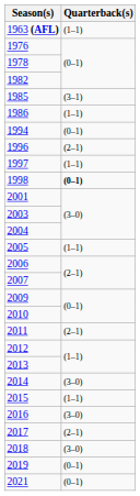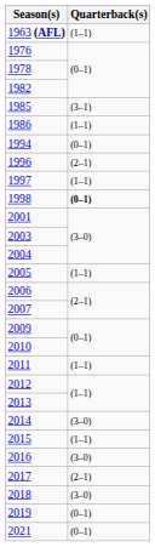 <table class="wikitable">
 <tr>
 <th>Season(s)</th>
 <th>Quarterback(s)</th>
 </tr>
 <tr>
 <td><a href='#'>1963</a> <strong>(<a href='#'>AFL</a>)</strong></td>
 <td> <small>(1–1)</small></td>
 </tr>
 <tr>
 <td><a href='#'>1976</a></td>
 <td rowspan="3"> <small>(0–1)</small></td>
 </tr>
 <tr>
 <td><a href='#'>1978</a></td>
 </tr>
 <tr>
 <td><a href='#'>1982</a></td>
 </tr>
 <tr>
 <td><a href='#'>1985</a></td>
 <td> <small>(3–1)</small></td>
 </tr>
 <tr>
 <td><a href='#'>1986</a></td>
 <td> <small>(1–1)</small></td>
 </tr>
 <tr>
 <td><a href='#'>1994</a></td>
 <td> <small>(0–1)</small></td>
 </tr>
 <tr>
 <td><a href='#'>1996</a></td>
 <td> <small>(2–1)</small></td>
 </tr>
 <tr>
 <td><a href='#'>1997</a></td>
 <td> <small>(1–1)</small></td>
 </tr>
 <tr>
 <td><a href='#'>1998</a></td>
 <td><strong> <small>(0–1)</small></strong></td>
 </tr>
 <tr>
 <td><a href='#'>2001</a></td>
 <td rowspan="3"> <small>(3–0)</small></td>
 </tr>
 <tr>
 <td><a href='#'>2003</a></td>
 </tr>
 <tr>
 <td><a href='#'>2004</a></td>
 </tr>
 <tr>
 <td><a href='#'>2005</a></td>
 <td> <small>(1–1)</small></td>
 </tr>
 <tr>
 <td><a href='#'>2006</a></td>
 <td rowspan="2"> <small>(2–1)</small></td>
 </tr>
 <tr>
 <td><a href='#'>2007</a></td>
 </tr>
 <tr>
 <td><a href='#'>2009</a></td>
 <td rowspan="2"> <small>(0–1)</small></td>
 </tr>
 <tr>
 <td><a href='#'>2010</a></td>
 </tr>
 <tr>
 <td><a href='#'>2011</a></td>
-<td> <small>(2–1)</small></td>
+<td> <small>(1–1)</small></td>
 </tr>
 <tr>
 <td><a href='#'>2012</a></td>
 <td rowspan="2"> <small>(1–1)</small></td>
 </tr>
 <tr>
 <td><a href='#'>2013</a></td>
 </tr>
 <tr>
 <td><a href='#'>2014</a></td>
 <td> <small>(3–0)</small></td>
 </tr>
 <tr>
 <td><a href='#'>2015</a></td>
 <td> <small>(1–1)</small></td>
 </tr>
 <tr>
 <td><a href='#'>2016</a></td>
 <td> <small>(3–0)</small></td>
 </tr>
 <tr>
 <td><a href='#'>2017</a></td>
 <td> <small>(2–1)</small></td>
 </tr>
 <tr>
 <td><a href='#'>2018</a></td>
 <td> <small>(3–0)</small></td>
 </tr>
 <tr>
 <td><a href='#'>2019</a></td>
 <td> <small>(0–1)</small></td>
 </tr>
 <tr>
 <td><a href='#'>2021</a></td>
 <td> <small>(0–1)</small></td>
 </tr>
 </table>
